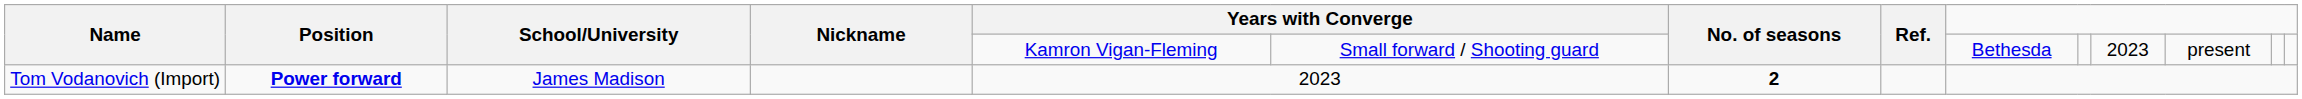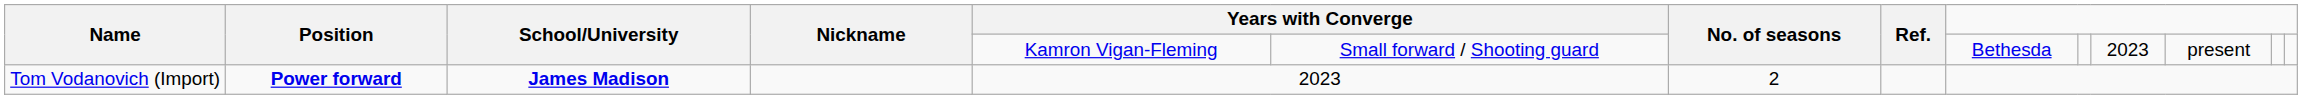 <table class="wikitable sortable" style="text-align:center" width="98%">
 <tr>
 <th style="width:180px;" rowspan="2">Name</th>
 <th style="width:180px;" rowspan="2">Position</th>
 <th style="width:250px;" rowspan="2">School/University</th>
 <th style="width:180px;" rowspan="2">Nickname</th>
 <th style="width:180px; text-align:center;" colspan="2">Years with Converge</th>
 <th rowspan="2">No. of seasons</th>
 <th rowspan="2"; class=unsortable>Ref.</th>
 </tr>
 <tr>
 <td><a href='#'>Kamron Vigan-Fleming</a></td>
 <td><a href='#'>Small forward</a> / <a href='#'>Shooting guard</a></td>
 <td><a href='#'>Bethesda</a></td>
 <td></td>
 <td>2023</td>
 <td>present</td>
 <td></td>
 <td></td>
 </tr>
 <tr>
 <td><a href='#'>Tom Vodanovich</a> (Import)</td>
 <td><strong><a href='#'>Power forward</a></strong></td>
-<td><a href='#'>James Madison</a></td>
+<td><strong><a href='#'>James Madison</a></strong></td>
 <td></td>
 <td colspan="2">2023</td>
-<td><strong>2</strong></td>
+<td>2</td>
 <td></td>
 </tr>
 </table>
